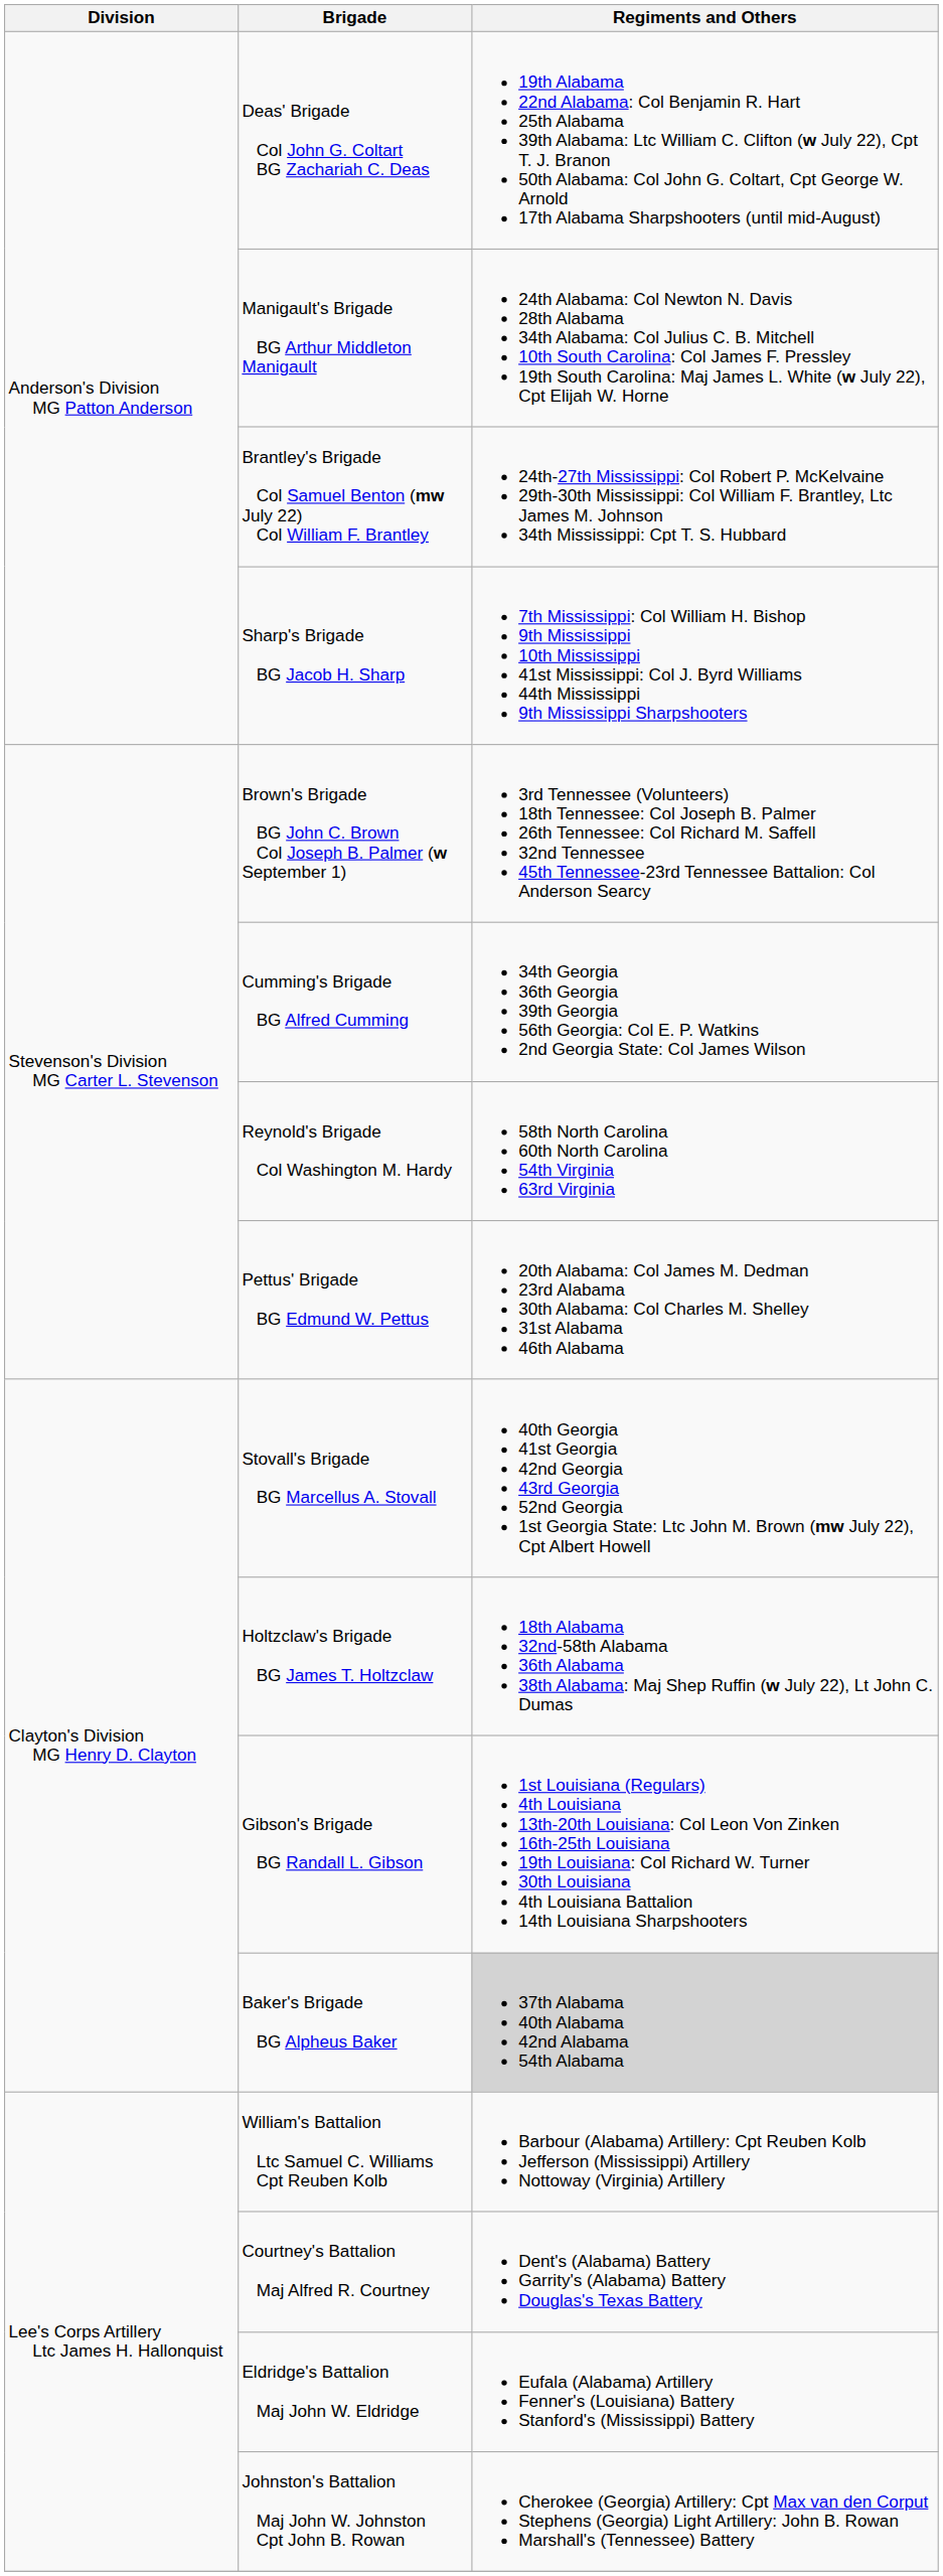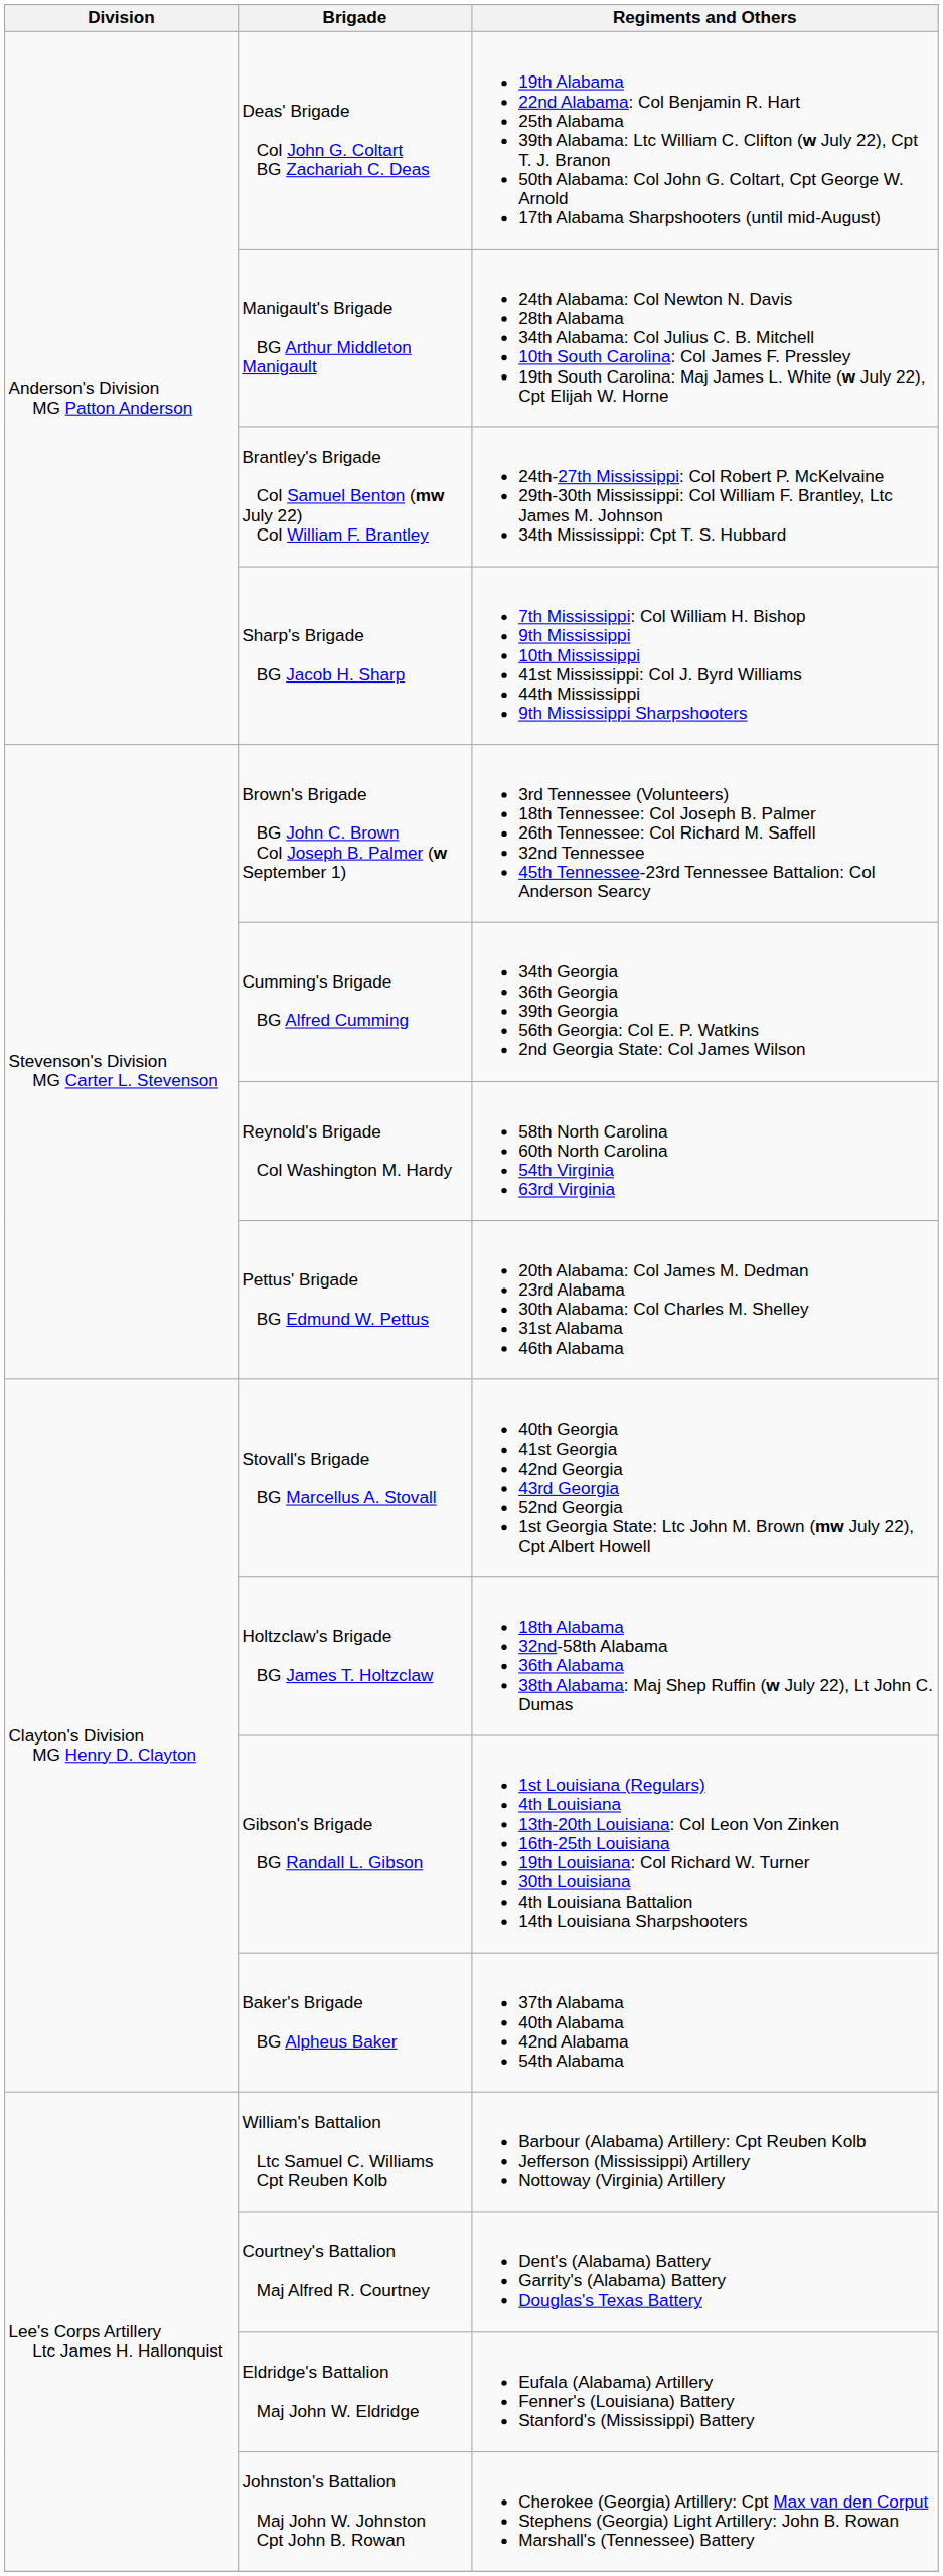 <table class="wikitable">
 <tr>
 <th width=25%>Division</th>
 <th width=25%>Brigade</th>
 <th>Regiments and Others</th>
 </tr>
 <tr>
 <td rowspan=4><br>Anderson's Division <br>     MG <a href='#'>Patton Anderson</a></td>
 <td>Deas' Brigade<br><br>   Col <a href='#'>John G. Coltart</a><br>   BG <a href='#'>Zachariah C. Deas</a></td>
 <td><br><ul><li><a href='#'>19th Alabama</a></li><li><a href='#'>22nd Alabama</a>: Col Benjamin R. Hart</li><li>25th Alabama</li><li>39th Alabama: Ltc William C. Clifton (<strong>w</strong> July 22), Cpt T. J. Branon</li><li>50th Alabama: Col John G. Coltart, Cpt George W. Arnold</li><li>17th Alabama Sharpshooters (until mid-August)</li></ul></td>
 </tr>
 <tr>
 <td>Manigault's Brigade<br><br>   BG <a href='#'>Arthur Middleton Manigault</a></td>
 <td><br><ul><li>24th Alabama: Col Newton N. Davis</li><li>28th Alabama</li><li>34th Alabama: Col Julius C. B. Mitchell</li><li><a href='#'>10th South Carolina</a>: Col James F. Pressley</li><li>19th South Carolina: Maj James L. White (<strong>w</strong> July 22), Cpt Elijah W. Horne</li></ul></td>
 </tr>
 <tr>
 <td>Brantley's Brigade<br><br>   Col <a href='#'>Samuel Benton</a> (<strong>mw</strong> July 22)<br>   Col <a href='#'>William F. Brantley</a></td>
 <td><br><ul><li>24th-<a href='#'>27th Mississippi</a>: Col Robert P. McKelvaine</li><li>29th-30th Mississippi: Col William F. Brantley, Ltc James M. Johnson</li><li>34th Mississippi: Cpt T. S. Hubbard</li></ul></td>
 </tr>
 <tr>
 <td>Sharp's Brigade<br><br>   BG <a href='#'>Jacob H. Sharp</a></td>
 <td><br><ul><li><a href='#'>7th Mississippi</a>: Col William H. Bishop</li><li><a href='#'>9th Mississippi</a></li><li><a href='#'>10th Mississippi</a></li><li>41st Mississippi: Col J. Byrd Williams</li><li>44th Mississippi</li><li><a href='#'>9th Mississippi Sharpshooters</a></li></ul></td>
 </tr>
 <tr>
 <td rowspan=4><br>Stevenson's Division <br>     MG <a href='#'>Carter L. Stevenson</a></td>
 <td>Brown's Brigade<br><br>   BG <a href='#'>John C. Brown</a><br>   Col <a href='#'>Joseph B. Palmer</a>  (<strong>w</strong> September 1)</td>
 <td><br><ul><li>3rd Tennessee (Volunteers)</li><li>18th Tennessee: Col Joseph B. Palmer</li><li>26th Tennessee: Col Richard M. Saffell</li><li>32nd Tennessee</li><li><a href='#'>45th Tennessee</a>-23rd Tennessee Battalion: Col Anderson Searcy</li></ul></td>
 </tr>
 <tr>
 <td>Cumming's Brigade<br><br>   BG <a href='#'>Alfred Cumming</a></td>
 <td><br><ul><li>34th Georgia</li><li>36th Georgia</li><li>39th Georgia</li><li>56th Georgia: Col E. P. Watkins</li><li>2nd Georgia State: Col James Wilson</li></ul></td>
 </tr>
 <tr>
 <td>Reynold's Brigade<br><br>   Col Washington M. Hardy</td>
 <td><br><ul><li>58th North Carolina</li><li>60th North Carolina</li><li><a href='#'>54th Virginia</a></li><li><a href='#'>63rd Virginia</a></li></ul></td>
 </tr>
 <tr>
 <td>Pettus' Brigade<br><br>   BG <a href='#'>Edmund W. Pettus</a></td>
 <td><br><ul><li>20th Alabama: Col James M. Dedman</li><li>23rd Alabama</li><li>30th Alabama: Col Charles M. Shelley</li><li>31st Alabama</li><li>46th Alabama</li></ul></td>
 </tr>
 <tr>
 <td rowspan=4><br>Clayton's Division <br>     MG <a href='#'>Henry D. Clayton</a></td>
 <td>Stovall's Brigade<br><br>   BG <a href='#'>Marcellus A. Stovall</a></td>
 <td><br><ul><li>40th Georgia</li><li>41st Georgia</li><li>42nd Georgia</li><li><a href='#'>43rd Georgia</a></li><li>52nd Georgia</li><li>1st Georgia State: Ltc John M. Brown (<strong>mw</strong> July 22), Cpt Albert Howell</li></ul></td>
 </tr>
 <tr>
 <td>Holtzclaw's Brigade<br><br>   BG <a href='#'>James T. Holtzclaw</a></td>
 <td><br><ul><li><a href='#'>18th Alabama</a></li><li><a href='#'>32nd</a>-58th Alabama</li><li><a href='#'>36th Alabama</a></li><li><a href='#'>38th Alabama</a>: Maj Shep Ruffin (<strong>w</strong> July 22), Lt John C. Dumas</li></ul></td>
 </tr>
 <tr>
 <td>Gibson's Brigade<br><br>   BG <a href='#'>Randall L. Gibson</a></td>
 <td><br><ul><li><a href='#'>1st Louisiana (Regulars)</a></li><li><a href='#'>4th Louisiana</a></li><li><a href='#'>13th-20th Louisiana</a>: Col Leon Von Zinken</li><li><a href='#'>16th-25th Louisiana</a></li><li><a href='#'>19th Louisiana</a>: Col Richard W. Turner</li><li><a href='#'>30th Louisiana</a></li><li>4th Louisiana Battalion</li><li>14th Louisiana Sharpshooters</li></ul></td>
 </tr>
 <tr>
 <td>Baker's Brigade<br><br>   BG <a href='#'>Alpheus Baker</a></td>
-<td style="background: lightgrey;"><br><ul><li>37th Alabama</li><li>40th Alabama</li><li>42nd Alabama</li><li>54th Alabama</li></ul></td>
+<td><br><ul><li>37th Alabama</li><li>40th Alabama</li><li>42nd Alabama</li><li>54th Alabama</li></ul></td>
 </tr>
 <tr>
 <td rowspan=4><br>Lee's Corps Artillery <br>     Ltc James H. Hallonquist</td>
 <td>William's Battalion<br><br>   Ltc Samuel C. Williams<br>   Cpt Reuben Kolb</td>
 <td><br><ul><li>Barbour (Alabama) Artillery: Cpt Reuben Kolb</li><li>Jefferson (Mississippi) Artillery</li><li>Nottoway (Virginia) Artillery</li></ul></td>
 </tr>
 <tr>
 <td>Courtney's Battalion<br><br>   Maj Alfred R. Courtney</td>
 <td><br><ul><li>Dent's (Alabama) Battery</li><li>Garrity's (Alabama) Battery</li><li><a href='#'>Douglas's Texas Battery</a></li></ul></td>
 </tr>
 <tr>
 <td>Eldridge's Battalion<br><br>   Maj John W. Eldridge</td>
 <td><br><ul><li>Eufala (Alabama) Artillery</li><li>Fenner's (Louisiana) Battery</li><li>Stanford's (Mississippi) Battery</li></ul></td>
 </tr>
 <tr>
 <td>Johnston's Battalion<br><br>   Maj John W. Johnston<br>   Cpt John B. Rowan</td>
 <td><br><ul><li>Cherokee (Georgia) Artillery: Cpt <a href='#'>Max van den Corput</a></li><li>Stephens (Georgia) Light Artillery: John B. Rowan</li><li>Marshall's (Tennessee) Battery</li></ul></td>
 </tr>
 <tr>
 </tr>
 </table>
